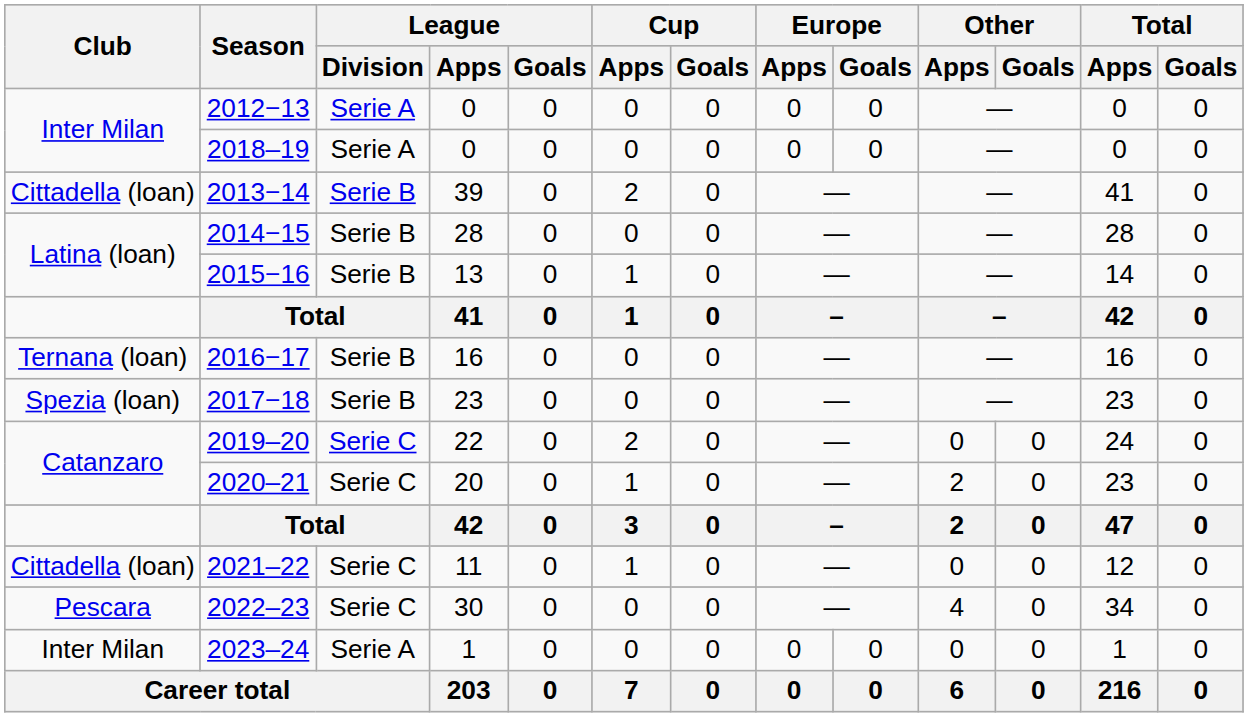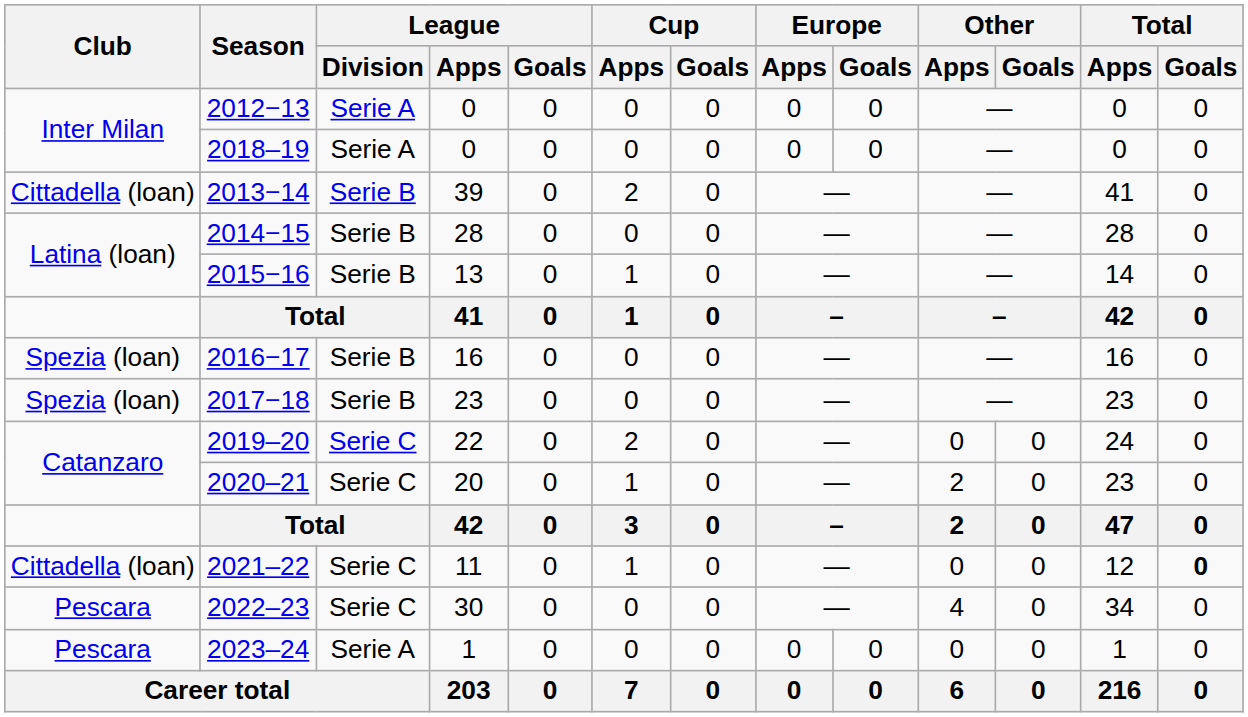 <table class="wikitable" style="text-align:center">
 <tr>
 <th rowspan="2">Club</th>
 <th rowspan="2">Season</th>
 <th colspan="3">League</th>
 <th colspan="2">Cup</th>
 <th colspan="2">Europe</th>
 <th colspan="2">Other</th>
 <th colspan="2">Total</th>
 </tr>
 <tr>
 <th>Division</th>
 <th>Apps</th>
 <th>Goals</th>
 <th>Apps</th>
 <th>Goals</th>
 <th>Apps</th>
 <th>Goals</th>
 <th>Apps</th>
 <th>Goals</th>
 <th>Apps</th>
 <th>Goals</th>
 </tr>
 <tr>
 <td rowspan="2"><a href='#'>Inter Milan</a></td>
 <td><a href='#'>2012−13</a></td>
 <td><a href='#'>Serie A</a></td>
 <td>0</td>
 <td>0</td>
 <td>0</td>
 <td>0</td>
 <td>0</td>
 <td>0</td>
 <td colspan="2">—</td>
 <td>0</td>
 <td>0</td>
 </tr>
 <tr>
 <td><a href='#'>2018–19</a></td>
 <td>Serie A</td>
 <td>0</td>
 <td>0</td>
 <td>0</td>
 <td>0</td>
 <td>0</td>
 <td>0</td>
 <td colspan="2">—</td>
 <td>0</td>
 <td>0</td>
 </tr>
 <tr>
 <td><a href='#'>Cittadella</a> (loan)</td>
 <td><a href='#'>2013−14</a></td>
 <td><a href='#'>Serie B</a></td>
 <td>39</td>
 <td>0</td>
 <td>2</td>
 <td>0</td>
 <td colspan="2">—</td>
 <td colspan="2">—</td>
 <td>41</td>
 <td>0</td>
 </tr>
 <tr>
 <td rowspan="2"><a href='#'>Latina</a> (loan)</td>
 <td><a href='#'>2014−15</a></td>
 <td>Serie B</td>
 <td>28</td>
 <td>0</td>
 <td>0</td>
 <td>0</td>
 <td colspan="2">—</td>
 <td colspan="2">—</td>
 <td>28</td>
 <td>0</td>
 </tr>
 <tr>
 <td><a href='#'>2015−16</a></td>
 <td>Serie B</td>
 <td>13</td>
 <td>0</td>
 <td>1</td>
 <td>0</td>
 <td colspan="2">—</td>
 <td colspan="2">—</td>
 <td>14</td>
 <td>0</td>
 </tr>
 <tr>
 <td></td>
 <th colspan="2">Total</th>
 <th>41</th>
 <th>0</th>
 <th>1</th>
 <th>0</th>
 <th colspan="2">–</th>
 <th colspan="2">–</th>
 <th>42</th>
 <th>0</th>
 </tr>
 <tr>
-<td><a href='#'>Ternana</a> (loan)</td>
+<td><a href='#'>Spezia</a> (loan)</td>
 <td><a href='#'>2016−17</a></td>
 <td>Serie B</td>
 <td>16</td>
 <td>0</td>
 <td>0</td>
 <td>0</td>
 <td colspan="2">—</td>
 <td colspan="2">—</td>
 <td>16</td>
 <td>0</td>
 </tr>
 <tr>
 <td><a href='#'>Spezia</a> (loan)</td>
 <td><a href='#'>2017−18</a></td>
 <td>Serie B</td>
 <td>23</td>
 <td>0</td>
 <td>0</td>
 <td>0</td>
 <td colspan="2">—</td>
 <td colspan="2">—</td>
 <td>23</td>
 <td>0</td>
 </tr>
 <tr>
 <td rowspan="2"><a href='#'>Catanzaro</a></td>
 <td><a href='#'>2019–20</a></td>
 <td><a href='#'>Serie C</a></td>
 <td>22</td>
 <td>0</td>
 <td>2</td>
 <td>0</td>
 <td colspan="2">—</td>
 <td>0</td>
 <td>0</td>
 <td>24</td>
 <td>0</td>
 </tr>
 <tr>
 <td><a href='#'>2020–21</a></td>
 <td>Serie C</td>
 <td>20</td>
 <td>0</td>
 <td>1</td>
 <td>0</td>
 <td colspan="2">—</td>
 <td>2</td>
 <td>0</td>
 <td>23</td>
 <td>0</td>
 </tr>
 <tr>
 <td></td>
 <th colspan="2">Total</th>
 <th>42</th>
 <th>0</th>
 <th>3</th>
 <th>0</th>
 <th colspan="2">–</th>
 <th>2</th>
 <th>0</th>
 <th>47</th>
 <th>0</th>
 </tr>
 <tr>
 <td><a href='#'>Cittadella</a> (loan)</td>
 <td><a href='#'>2021–22</a></td>
 <td>Serie C</td>
 <td>11</td>
 <td>0</td>
 <td>1</td>
 <td>0</td>
 <td colspan="2">—</td>
 <td>0</td>
 <td>0</td>
 <td>12</td>
-<td>0</td>
+<td><strong>0</strong></td>
 </tr>
 <tr>
 <td><a href='#'>Pescara</a></td>
 <td><a href='#'>2022–23</a></td>
 <td>Serie C</td>
 <td>30</td>
 <td>0</td>
 <td>0</td>
 <td>0</td>
 <td colspan="2">—</td>
 <td>4</td>
 <td>0</td>
 <td>34</td>
 <td>0</td>
 </tr>
 <tr>
-<td>Inter Milan</td>
+<td><a href='#'>Pescara</a></td>
 <td><a href='#'>2023–24</a></td>
 <td>Serie A</td>
 <td>1</td>
 <td>0</td>
 <td>0</td>
 <td>0</td>
 <td>0</td>
 <td>0</td>
 <td>0</td>
 <td>0</td>
 <td>1</td>
 <td>0</td>
 </tr>
 <tr>
 <th colspan="3">Career total</th>
 <th>203</th>
 <th>0</th>
 <th>7</th>
 <th>0</th>
 <th>0</th>
 <th>0</th>
 <th>6</th>
 <th>0</th>
 <th>216</th>
 <th>0</th>
 </tr>
 </table>
